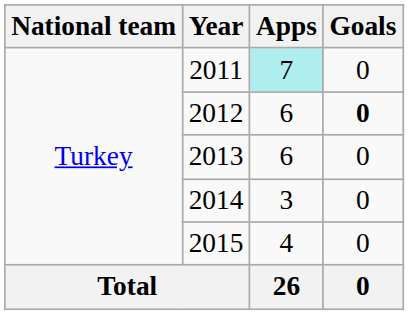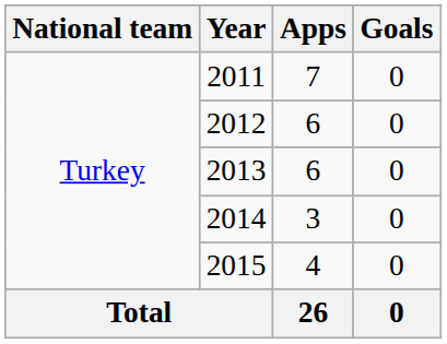 <table class="wikitable" style="text-align: center;">
 <tr>
 <th>National team</th>
 <th>Year</th>
 <th>Apps</th>
 <th>Goals</th>
 </tr>
 <tr>
 <td rowspan="5"><a href='#'>Turkey</a></td>
 <td>2011</td>
-<td style="background: paleturquoise;">7</td>
+<td>7</td>
 <td>0</td>
 </tr>
 <tr>
 <td>2012</td>
 <td>6</td>
-<td><strong>0</strong></td>
+<td>0</td>
 </tr>
 <tr>
 <td>2013</td>
 <td>6</td>
 <td>0</td>
 </tr>
 <tr>
 <td>2014</td>
 <td>3</td>
 <td>0</td>
 </tr>
 <tr>
 <td>2015</td>
 <td>4</td>
 <td>0</td>
 </tr>
 <tr>
 <th colspan="2">Total</th>
 <th>26</th>
 <th>0</th>
 </tr>
 </table>
